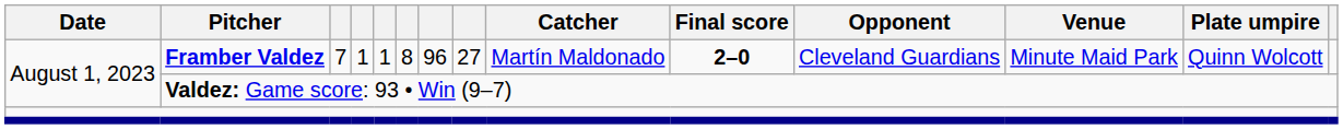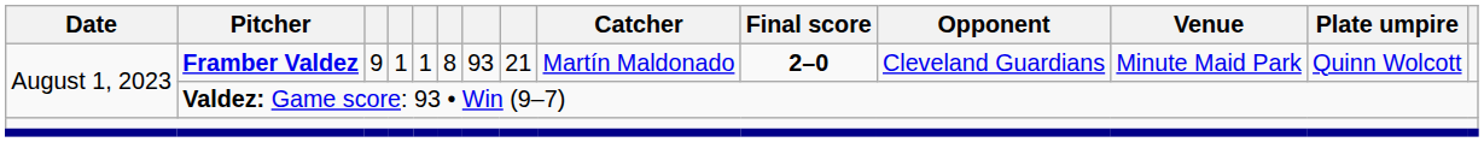 <table class="wikitable unsortable" border="1" style="font-size: 90%">
 <tr>
 <th>Date</th>
 <th>Pitcher</th>
 <th></th>
 <th></th>
 <th></th>
 <th></th>
 <th></th>
 <th></th>
 <th>Catcher</th>
 <th>Final score</th>
 <th>Opponent</th>
 <th>Venue</th>
 <th>Plate umpire</th>
 <th></th>
 </tr>
 <tr>
 <td align="center" rowspan="2">August 1, 2023</td>
 <td><strong><a href='#'>Framber Valdez</a></strong></td>
-<td align="center">7</td>
+<td align="center">9</td>
 <td align="center">1</td>
 <td align="center">1</td>
 <td align="center">8</td>
-<td align="center">96</td>
-<td align="center">27</td>
+<td align="center">93</td>
+<td align="center">21</td>
 <td align="center"><a href='#'>Martín Maldonado</a></td>
 <td align="center"><strong>2–0</strong></td>
 <td align="center"><a href='#'>Cleveland Guardians</a></td>
 <td align="center"><a href='#'>Minute Maid Park</a></td>
 <td align="center"><a href='#'>Quinn Wolcott</a></td>
 <td align="center"></td>
 </tr>
 <tr>
 <td colspan="13"><strong>Valdez:</strong> <a href='#'>Game score</a>: 93 • <a href='#'>Win</a> (9–7)</td>
 </tr>
 <tr>
 <td style="border-bottom:#020088 5px solid;" colspan="14"></td>
 </tr>
 </table>
